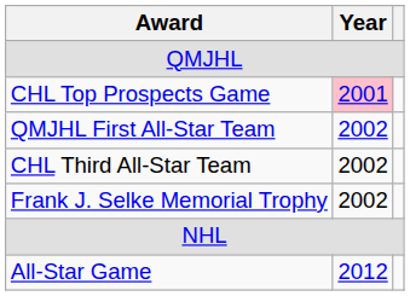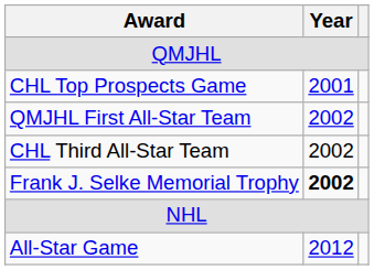 <table class="wikitable">
 <tr>
 <th>Award</th>
 <th>Year</th>
 <th></th>
 </tr>
 <tr ALIGN="center" bgcolor="#e0e0e0">
 <td colspan="3"><a href='#'>QMJHL</a></td>
 </tr>
 <tr>
 <td><a href='#'>CHL Top Prospects Game</a></td>
-<td style="background: pink;"><a href='#'>2001</a></td>
+<td><a href='#'>2001</a></td>
 <td></td>
 </tr>
 <tr>
 <td><a href='#'>QMJHL First All-Star Team</a></td>
 <td><a href='#'>2002</a></td>
 <td></td>
 </tr>
 <tr>
 <td><a href='#'>CHL</a> Third All-Star Team</td>
 <td>2002</td>
 <td></td>
 </tr>
 <tr>
 <td><a href='#'>Frank J. Selke Memorial Trophy</a></td>
-<td>2002</td>
+<td><strong>2002</strong></td>
 <td></td>
 </tr>
 <tr ALIGN="center" bgcolor="#e0e0e0">
 <td colspan="3"><a href='#'>NHL</a></td>
 </tr>
 <tr>
 <td><a href='#'>All-Star Game</a></td>
 <td><a href='#'>2012</a></td>
 <td></td>
 </tr>
 </table>
